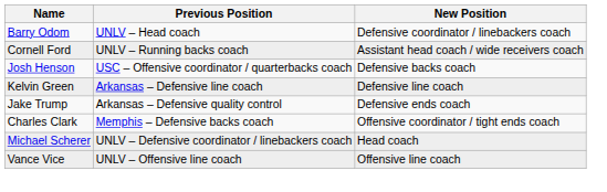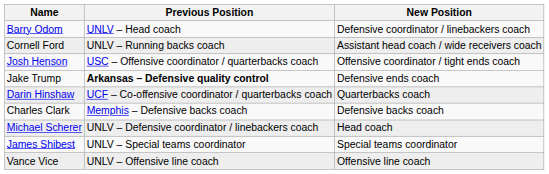 <table class="wikitable sortable" style="text-align:left">
 <tr>
 <th>Name</th>
 <th>Previous Position</th>
 <th>New Position</th>
 </tr>
 <tr>
 <td><a href='#'>Barry Odom</a></td>
 <td><a href='#'>UNLV</a> – Head coach</td>
 <td>Defensive coordinator / linebackers coach</td>
 </tr>
 <tr style="background:#eeeeee;">
 <td>Cornell Ford</td>
 <td>UNLV – Running backs coach</td>
 <td>Assistant head coach / wide receivers coach</td>
 </tr>
 <tr>
 <td><a href='#'>Josh Henson</a></td>
 <td><a href='#'>USC</a> – Offensive coordinator / quarterbacks coach</td>
-<td>Defensive backs coach</td>
-</tr>
-<tr style="background:#eeeeee;">
-<td>Kelvin Green</td>
-<td><a href='#'>Arkansas</a> – Defensive line coach</td>
-<td>Defensive line coach</td>
+<td>Offensive coordinator / tight ends coach</td>
 </tr>
 <tr>
 <td>Jake Trump</td>
-<td>Arkansas – Defensive quality control</td>
+<td><strong>Arkansas – Defensive quality control</strong></td>
 <td>Defensive ends coach</td>
+</tr>
+<tr style="background:#eeeeee;">
+<td><a href='#'>Darin Hinshaw</a></td>
+<td><a href='#'>UCF</a> – Co-offensive coordinator / quarterbacks coach</td>
+<td>Quarterbacks coach</td>
 </tr>
 <tr>
 <td>Charles Clark</td>
 <td><a href='#'>Memphis</a> – Defensive backs coach</td>
-<td>Offensive coordinator / tight ends coach</td>
+<td>Defensive backs coach</td>
 </tr>
 <tr style="background:#eeeeee;">
 <td><a href='#'>Michael Scherer</a></td>
 <td>UNLV – Defensive coordinator / linebackers coach</td>
 <td>Head coach</td>
+</tr>
+<tr>
+<td><a href='#'>James Shibest</a></td>
+<td>UNLV – Special teams coordinator</td>
+<td>Special teams coordinator</td>
 </tr>
 <tr style="background:#eeeeee;">
 <td>Vance Vice</td>
 <td>UNLV – Offensive line coach</td>
 <td>Offensive line coach</td>
 </tr>
 </table>
